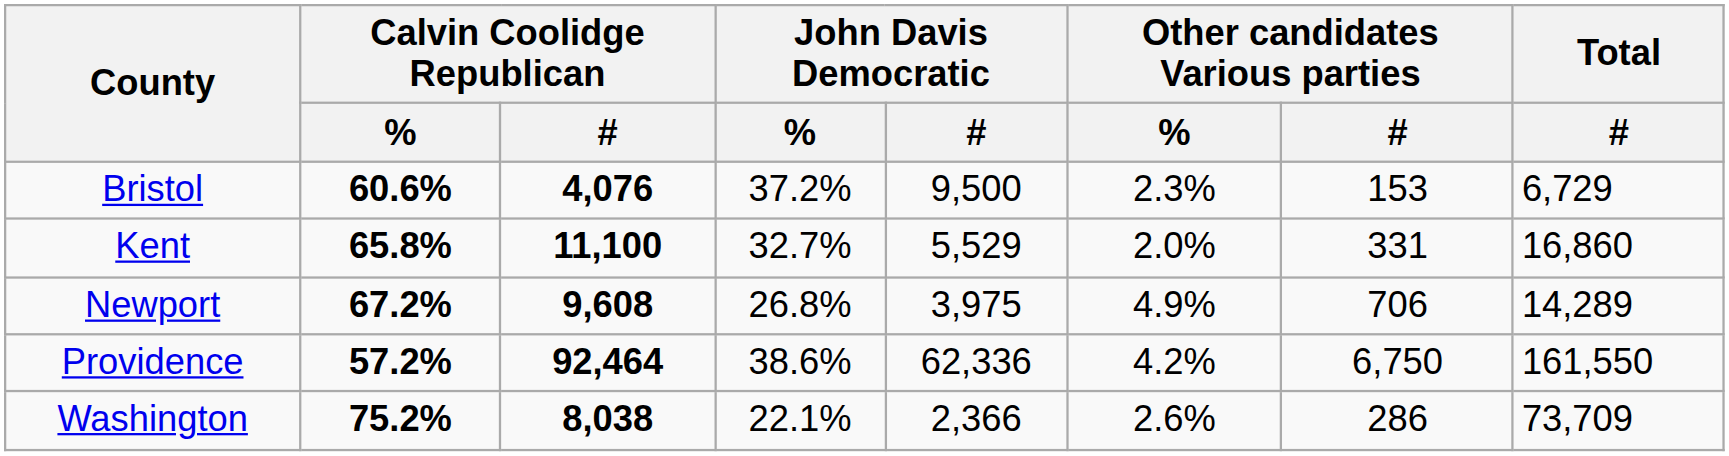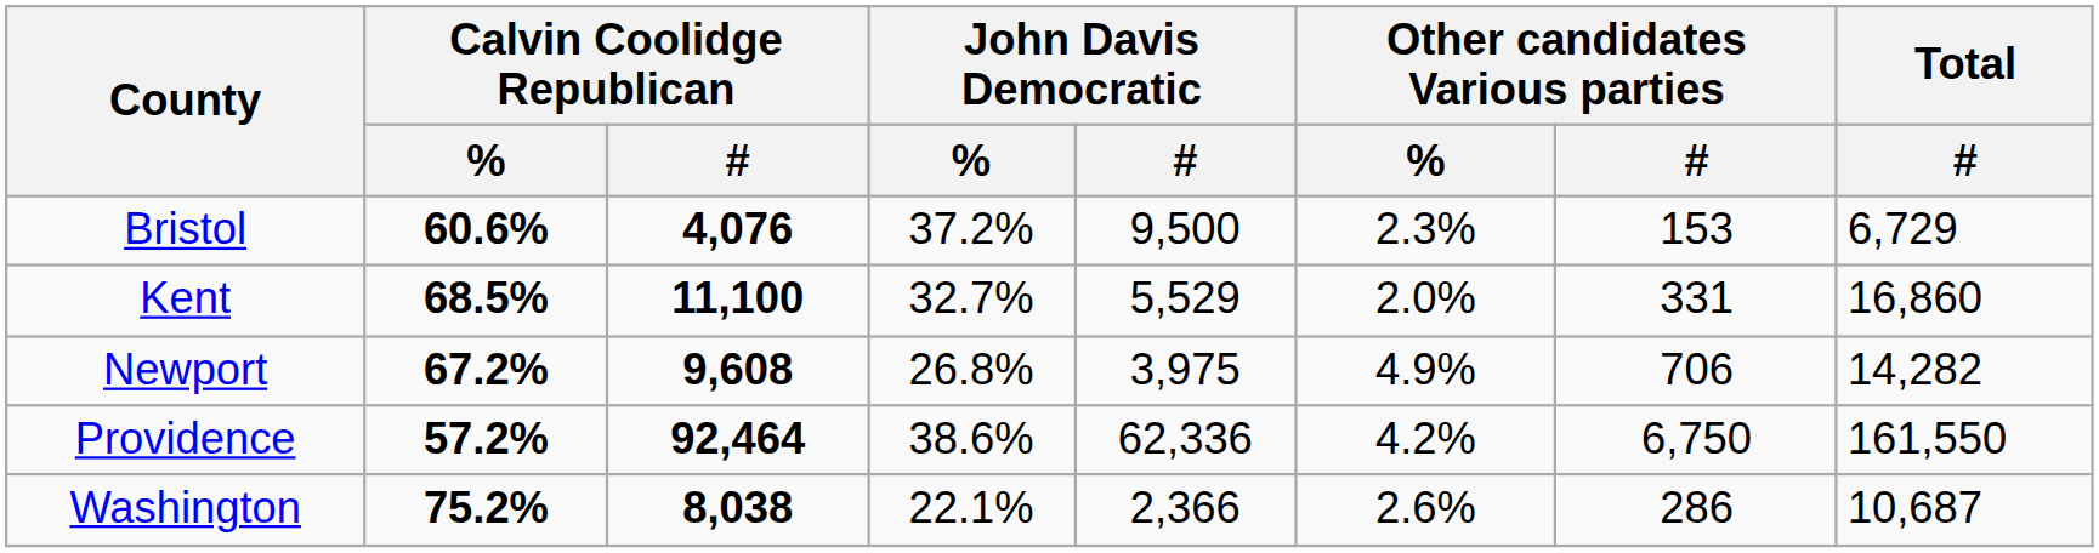 <table style="width:60%;" class="wikitable sortable">
 <tr>
 <th rowspan="2">County</th>
 <th colspan="2">Calvin Coolidge<br>Republican</th>
 <th colspan="2">John Davis<br>Democratic</th>
 <th colspan="2">Other candidates<br>Various parties</th>
 <th colspan=”2”>Total</th>
 </tr>
 <tr style="background:lightgrey;">
 <th>%</th>
 <th>#</th>
 <th>%</th>
 <th>#</th>
 <th>%</th>
 <th>#</th>
 <th>#</th>
 </tr>
 <tr>
 <td align="center" ><a href='#'>Bristol</a></td>
 <td style="text-align:center;"><strong>60.6%</strong></td>
 <td style="text-align:center;"><strong>4,076</strong></td>
 <td style="text-align:center;">37.2%</td>
 <td style="text-align:center;">9,500</td>
 <td style="text-align:center;">2.3%</td>
 <td style="text-align:center;">153</td>
 <td style=”text-align:center;”>6,729</td>
 </tr>
 <tr>
 <td align="center" ><a href='#'>Kent</a></td>
-<td style="text-align:center;"><strong>65.8%</strong></td>
+<td style="text-align:center;"><strong>68.5%</strong></td>
 <td style="text-align:center;"><strong>11,100</strong></td>
 <td style="text-align:center;">32.7%</td>
 <td style="text-align:center;">5,529</td>
 <td style="text-align:center;">2.0%</td>
 <td style="text-align:center;">331</td>
 <td style=”text-align:center;”>16,860</td>
 </tr>
 <tr>
 <td align="center" ><a href='#'>Newport</a></td>
 <td style="text-align:center;"><strong>67.2%</strong></td>
 <td style="text-align:center;"><strong>9,608</strong></td>
 <td style="text-align:center;">26.8%</td>
 <td style="text-align:center;">3,975</td>
 <td style="text-align:center;">4.9%</td>
 <td style="text-align:center;">706</td>
-<td style=”text-align:center;”>14,289</td>
+<td style=”text-align:center;”>14,282</td>
 </tr>
 <tr>
 <td align="center" ><a href='#'>Providence</a></td>
 <td style="text-align:center;"><strong>57.2%</strong></td>
 <td style="text-align:center;"><strong>92,464</strong></td>
 <td style="text-align:center;">38.6%</td>
 <td style="text-align:center;">62,336</td>
 <td style="text-align:center;">4.2%</td>
 <td style="text-align:center;">6,750</td>
 <td style=”text-align:center;”>161,550</td>
 </tr>
 <tr>
 <td align="center" ><a href='#'>Washington</a></td>
 <td style="text-align:center;"><strong>75.2%</strong></td>
 <td style="text-align:center;"><strong>8,038</strong></td>
 <td style="text-align:center;">22.1%</td>
 <td style="text-align:center;">2,366</td>
 <td style="text-align:center;">2.6%</td>
 <td style="text-align:center;">286</td>
-<td style=”text-align:center;”>73,709</td>
+<td style=”text-align:center;”>10,687</td>
 </tr>
 </table>
